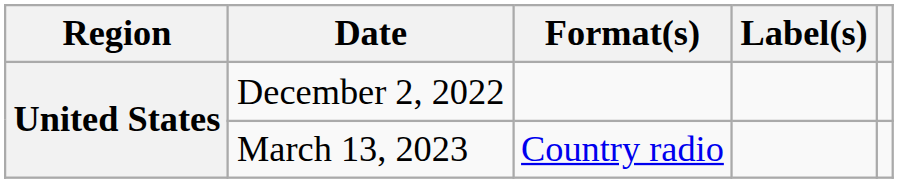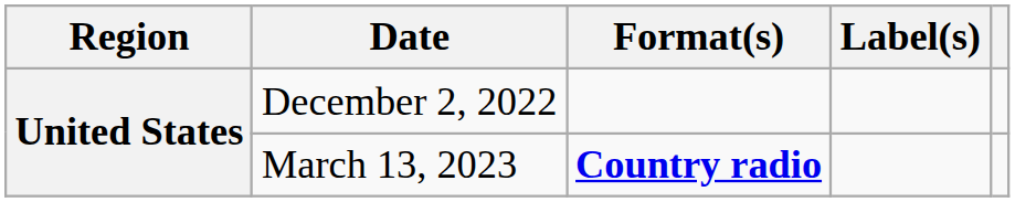 <table class="wikitable plainrowheaders">
 <tr>
 <th scope="col">Region</th>
 <th scope="col">Date</th>
 <th scope="col">Format(s)</th>
 <th scope="col">Label(s)</th>
 <th scope="col"></th>
 </tr>
 <tr>
 <th scope="row" rowspan="2">United States</th>
 <td>December 2, 2022</td>
 <td></td>
 <td></td>
 <td style="text-align:center;"></td>
 </tr>
 <tr>
 <td>March 13, 2023</td>
-<td><a href='#'>Country radio</a></td>
+<td><strong><a href='#'>Country radio</a></strong></td>
 <td></td>
 <td style="text-align:center;"></td>
 </tr>
 </table>
